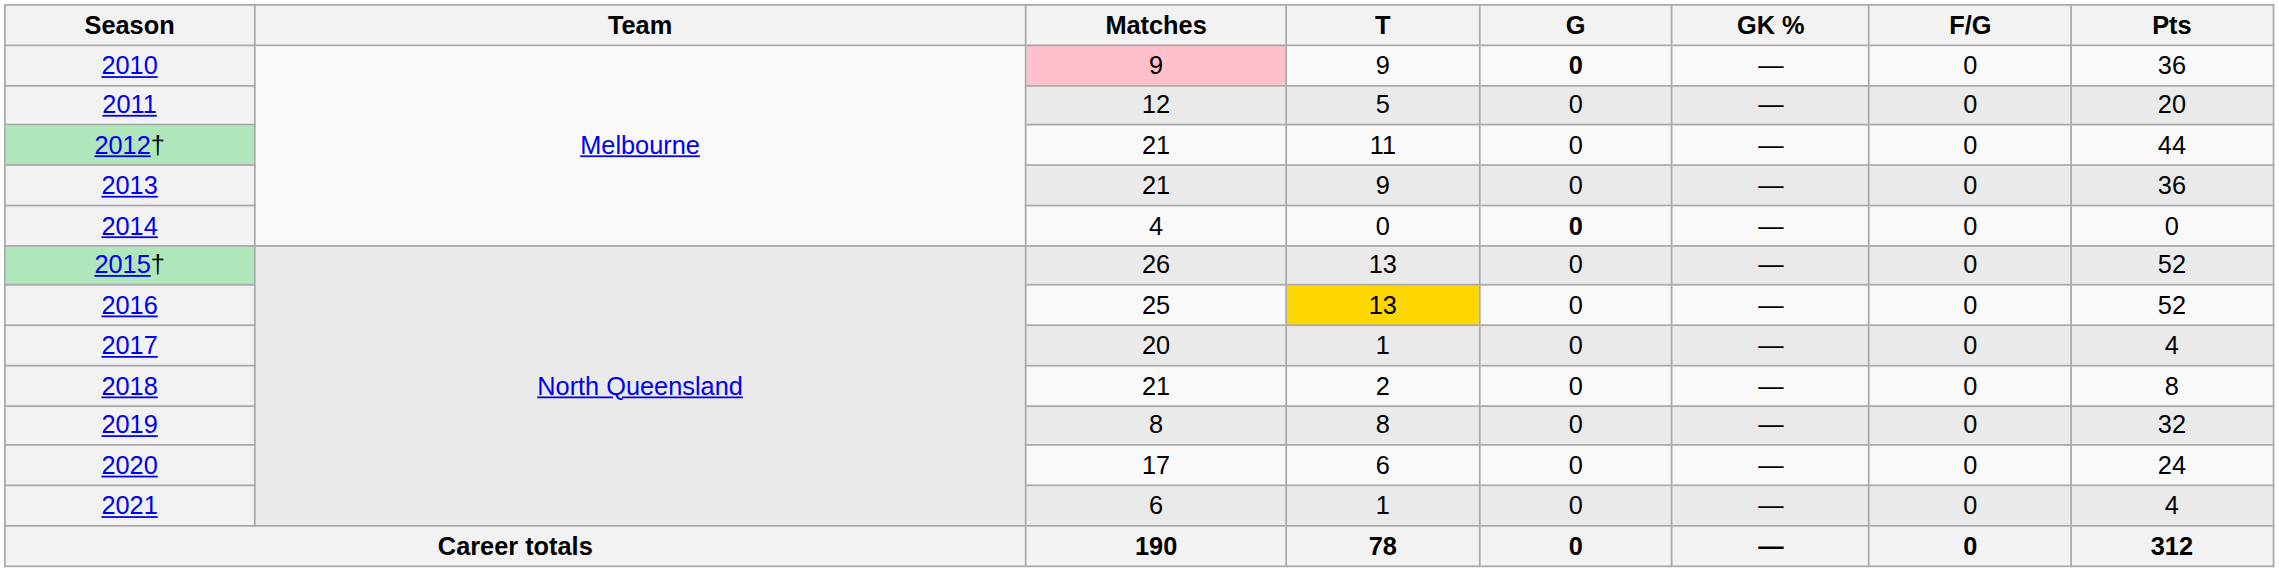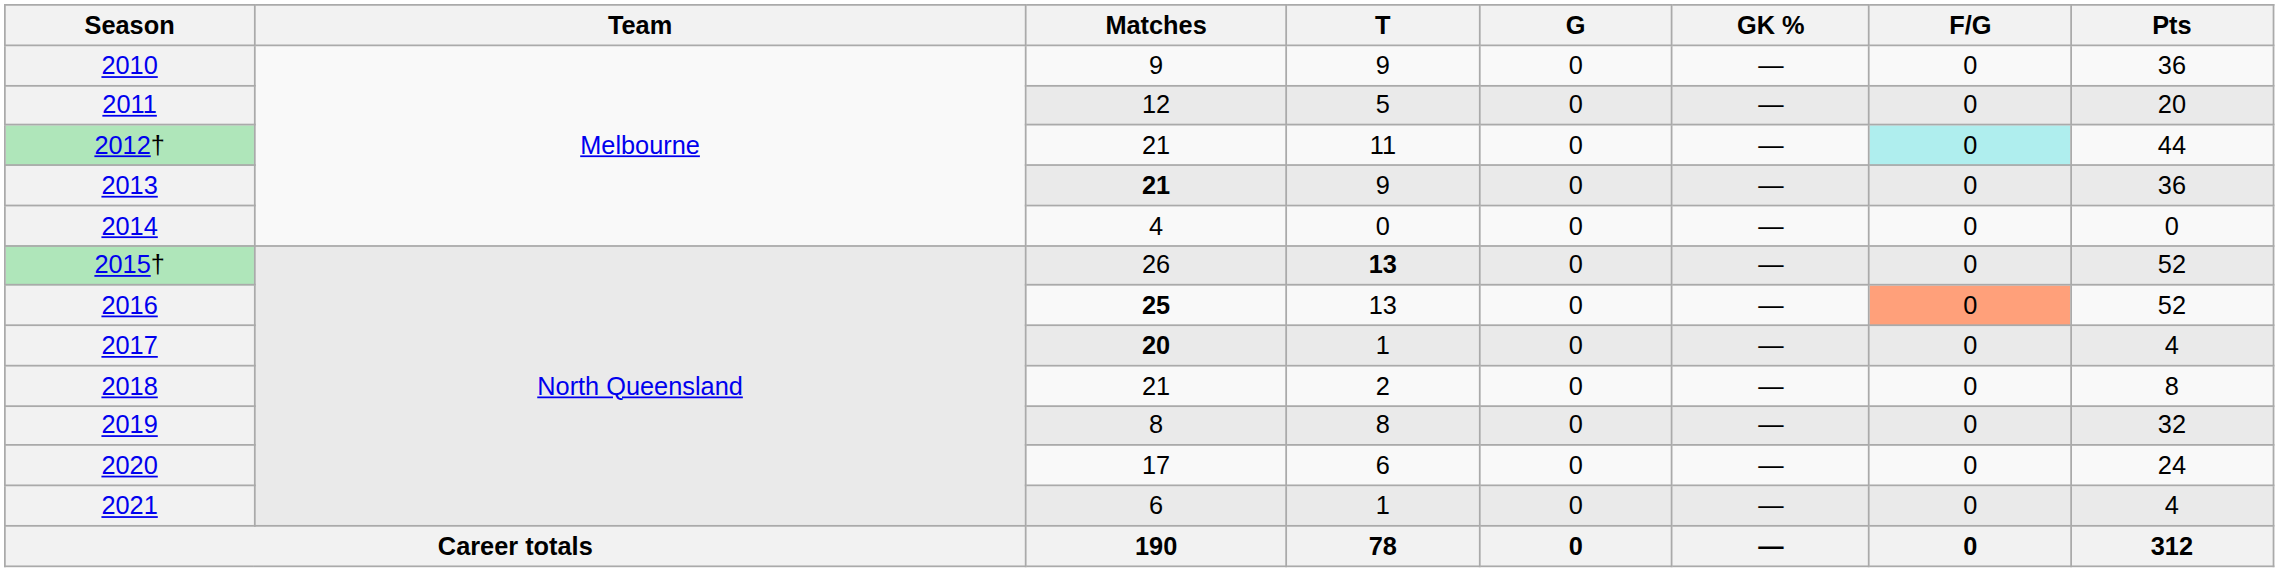 <table class="wikitable sortable"  style="font-size:90%; text-align:center; width:65%;">
 <tr>
 <th width=2%>Season</th>
 <th width=8%>Team</th>
 <th width=2%>Matches</th>
 <th width=2%>T</th>
 <th width=2%>G</th>
 <th width=2%>GK %</th>
 <th width=2%>F/G</th>
 <th width=2%>Pts</th>
 </tr>
 <tr>
 <th scope="row" style="text-align:center; font-weight:normal"><a href='#'>2010</a></th>
 <td rowspan="5" style="text-align:center;"> <a href='#'>Melbourne</a></td>
-<td style="background: pink;">9</td>
 <td>9</td>
-<td><strong>0</strong></td>
+<td>9</td>
+<td>0</td>
 <td>—</td>
 <td>0</td>
 <td>36</td>
 </tr>
 <tr style="background-color: #EAEAEA">
 <th scope="row" style="text-align:center; font-weight:normal"><a href='#'>2011</a></th>
 <td>12</td>
 <td>5</td>
 <td>0</td>
 <td>—</td>
 <td>0</td>
 <td>20</td>
 </tr>
 <tr>
 <th scope="row" style="text-align:center; font-weight:normal; background:#afe6ba;"><a href='#'>2012</a>†</th>
 <td>21</td>
 <td>11</td>
 <td>0</td>
 <td>—</td>
-<td>0</td>
+<td style="background: paleturquoise;">0</td>
 <td>44</td>
 </tr>
 <tr style="background-color: #EAEAEA">
 <th scope="row" style="text-align:center; font-weight:normal"><a href='#'>2013</a></th>
-<td>21</td>
+<td><strong>21</strong></td>
 <td>9</td>
 <td>0</td>
 <td>—</td>
 <td>0</td>
 <td>36</td>
 </tr>
 <tr>
 <th scope="row" style="text-align:center; font-weight:normal"><a href='#'>2014</a></th>
 <td>4</td>
 <td>0</td>
-<td><strong>0</strong></td>
+<td>0</td>
 <td>—</td>
 <td>0</td>
 <td>0</td>
 </tr>
 <tr style="background-color: #EAEAEA">
 <th scope="row" style="text-align:center; font-weight:normal; background:#afe6ba;"><a href='#'>2015</a>†</th>
 <td rowspan="7" style="text-align:center;"> <a href='#'>North Queensland</a></td>
 <td>26</td>
-<td>13</td>
+<td><strong>13</strong></td>
 <td>0</td>
 <td>—</td>
 <td>0</td>
 <td>52</td>
 </tr>
 <tr>
 <th scope="row" style="text-align:center; font-weight:normal;"><a href='#'>2016</a></th>
-<td>25</td>
-<td style="background: gold;">13</td>
+<td><strong>25</strong></td>
+<td>13</td>
 <td>0</td>
 <td>—</td>
-<td>0</td>
+<td style="background: lightsalmon;">0</td>
 <td>52</td>
 </tr>
 <tr style="background-color: #EAEAEA">
 <th scope="row" style="text-align:center; font-weight:normal;"><a href='#'>2017</a></th>
-<td>20</td>
+<td><strong>20</strong></td>
 <td>1</td>
 <td>0</td>
 <td>—</td>
 <td>0</td>
 <td>4</td>
 </tr>
 <tr>
 <th scope="row" style="text-align:center; font-weight:normal;"><a href='#'>2018</a></th>
 <td>21</td>
 <td>2</td>
 <td>0</td>
 <td>—</td>
 <td>0</td>
 <td>8</td>
 </tr>
 <tr style="background:#eaeaea;">
 <th scope="row" style="text-align:center; font-weight:normal"><a href='#'>2019</a></th>
 <td>8</td>
 <td>8</td>
 <td>0</td>
 <td>—</td>
 <td>0</td>
 <td>32</td>
 </tr>
 <tr>
 <th scope="row" style="text-align:center; font-weight:normal"><a href='#'>2020</a></th>
 <td>17</td>
 <td>6</td>
 <td>0</td>
 <td>—</td>
 <td>0</td>
 <td>24</td>
 </tr>
 <tr style="background:#eaeaea;">
 <th scope="row" style="text-align:center; font-weight:normal"><a href='#'>2021</a></th>
 <td>6</td>
 <td>1</td>
 <td>0</td>
 <td>—</td>
 <td>0</td>
 <td>4</td>
 </tr>
 <tr class="sortbottom">
 <th colspan=2>Career totals</th>
 <th>190</th>
 <th>78</th>
 <th>0</th>
 <th>—</th>
 <th>0</th>
 <th>312</th>
 </tr>
 </table>
